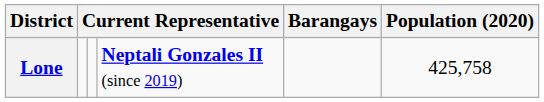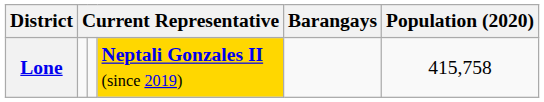 <table class="wikitable sortable" style="margin: 1em auto; font-size:100%; line-height:20px; text-align:center">
 <tr>
 <th>District</th>
 <th colspan="3">Current Representative</th>
 <th>Barangays</th>
 <th>Population (2020)</th>
 </tr>
 <tr>
 <th><a href='#'>Lone</a></th>
 <td style="background:"></td>
 <td></td>
-<td style="text-align:left;"><strong><a href='#'>Neptali Gonzales II</a></strong><br><small>(since <a href='#'>2019</a>)</small></td>
+<td style="background: gold; text-align:left;"><strong><a href='#'>Neptali Gonzales II</a></strong><br><small>(since <a href='#'>2019</a>)</small></td>
 <td></td>
-<td>425,758</td>
+<td>415,758</td>
 </tr>
 </table>
